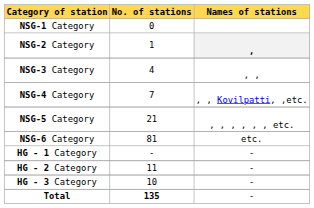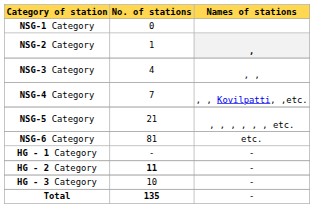 <table class="wikitable sortable" style="background:#fff;">
 <tr>
 <th style="background:#ffd750;" !>Category of station</th>
 <th style="background:#ffd750;" !>No. of stations</th>
 <th style="background:#ffd750;" !>Names of stations</th>
 </tr>
 <tr>
 <td style="text-align:center;"><strong>NSG-1</strong> Category</td>
 <td style="text-align:center;">0</td>
 <td style="text-align:center;"></td>
 </tr>
 <tr>
 <td style="text-align:center;"><strong>NSG-2</strong> Category</td>
 <td style="text-align:center;">1</td>
 <th style="text-align:center;"><br>, </th>
 </tr>
 <tr>
 </tr>
 <tr>
 <td style="text-align:center;"><strong>NSG-3</strong> Category</td>
 <td style="text-align:center;">4</td>
 <td style="text-align:center;"><br>, , </td>
 </tr>
 <tr>
 </tr>
 <tr>
 <td style="text-align:center;"><strong>NSG-4</strong> Category</td>
 <td style="text-align:center;">7</td>
 <td style="text-align:center;"><br>, , <a href='#'>Kovilpatti</a>,  ,etc.</td>
 </tr>
 <tr>
 </tr>
 <tr>
 <td style="text-align:center;"><strong>NSG-5</strong> Category</td>
 <td style="text-align:center;">21</td>
 <td style="text-align:center;"><br>, , , , , , etc.</td>
 </tr>
 <tr>
 </tr>
 <tr>
 <td style="text-align:center;"><strong>NSG-6</strong> Category</td>
 <td style="text-align:center;">81</td>
 <td style="text-align:center;">etc.</td>
 </tr>
 <tr>
 <td style="text-align:center;"><strong>HG - 1</strong> Category</td>
 <td style="text-align:center;">-</td>
 <td style="text-align:center;">-</td>
 </tr>
 <tr>
 </tr>
 <tr>
 <td style="text-align:center;"><strong>HG - 2</strong> Category</td>
-<td style="text-align:center;">11</td>
+<td style="text-align:center;"><strong>11</strong></td>
 <td style="text-align:center;">-</td>
 </tr>
 <tr>
 </tr>
 <tr>
 <td style="text-align:center;"><strong>HG - 3</strong> Category</td>
 <td style="text-align:center;">10</td>
 <td style="text-align:center;">-</td>
 </tr>
 <tr>
 </tr>
 <tr>
 <td style="text-align:center;"><strong>Total</strong></td>
 <td style="text-align:center;"><strong> 135</strong></td>
 <td style="text-align:center;">-</td>
 </tr>
 </table>
